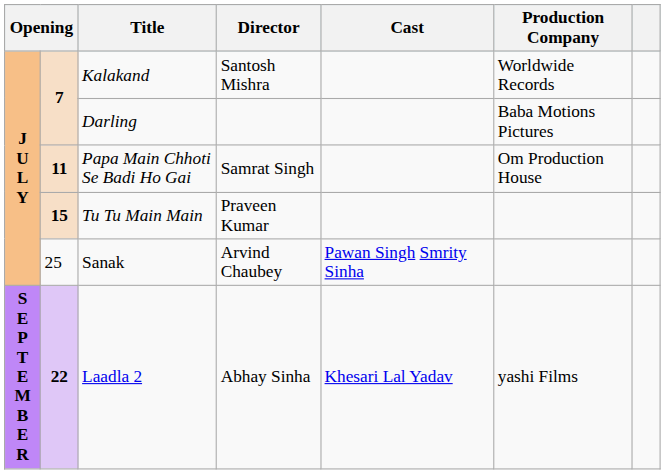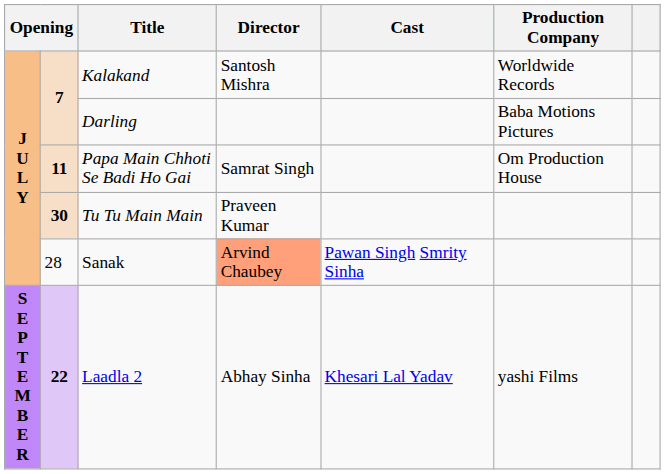 <table class="wikitable sortable">
 <tr style="background:#b0e0e6; text-align:center;">
 <th colspan="2" style="width:6%;"><strong>Opening</strong></th>
 <th style="width:20%;"><strong>Title</strong></th>
 <th style="width:15%;"><strong>Director</strong></th>
 <th style="width:25%;"><strong>Cast</strong></th>
 <th style="width:20%;">Production Company</th>
 <th style="width:4%;"><strong></strong></th>
 </tr>
 <tr>
 <th rowspan="5" style="text-align:center; background:#f7bf87; text color:#000;">J<br>U<br>L<br>Y</th>
 <td rowspan="2" style="text-align:center; background:#f7dfc7"><strong>7</strong></td>
 <td><em>Kalakand</em></td>
 <td>Santosh Mishra</td>
 <td></td>
 <td>Worldwide Records</td>
 <td></td>
 </tr>
 <tr>
 <td><em>Darling</em></td>
 <td></td>
 <td></td>
 <td>Baba Motions Pictures</td>
 <td></td>
 </tr>
 <tr>
 <td rowspan="1" style="text-align:center; background:#f7dfc7"><strong>11</strong></td>
 <td><em>Papa Main Chhoti Se Badi Ho Gai</em></td>
 <td>Samrat Singh</td>
 <td></td>
 <td>Om Production House</td>
 <td></td>
 </tr>
 <tr>
-<td rowspan="1" style="text-align:center; background:#f7dfc7"><strong>15</strong></td>
+<td rowspan="1" style="text-align:center; background:#f7dfc7"><strong>30</strong></td>
 <td><em>Tu Tu Main Main</em></td>
 <td>Praveen Kumar</td>
 <td></td>
 <td></td>
 <td></td>
 </tr>
 <tr>
-<td>25</td>
+<td>28</td>
 <td>Sanak</td>
-<td>Arvind Chaubey</td>
+<td style="background: lightsalmon;">Arvind Chaubey</td>
 <td><a href='#'>Pawan Singh</a> <a href='#'>Smrity Sinha</a></td>
 <td></td>
 <td></td>
 </tr>
 <tr>
 <th rowspan="1" style="text-align:center; background:#bf87f7; text color:#000;">S<br>E<br>P<br>T<br>E<br>M<br>B<br>E<br>R</th>
 <td style="text-align:center; background:#dfc7f7"><strong>22</strong></td>
 <td><a href='#'>Laadla 2</a></td>
 <td>Abhay Sinha</td>
 <td><a href='#'>Khesari Lal Yadav</a></td>
 <td>yashi Films</td>
 <td></td>
 </tr>
 </table>
